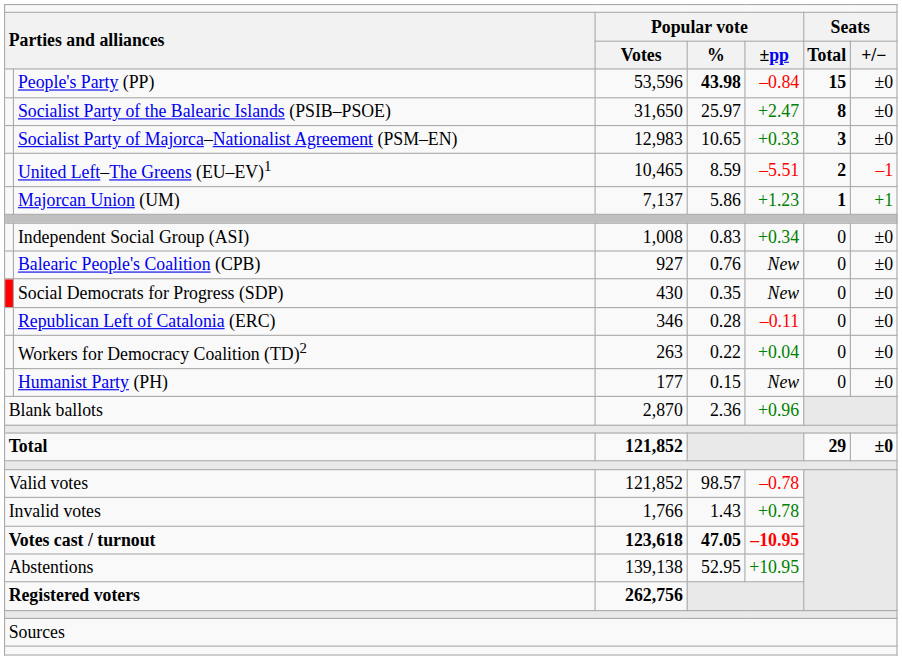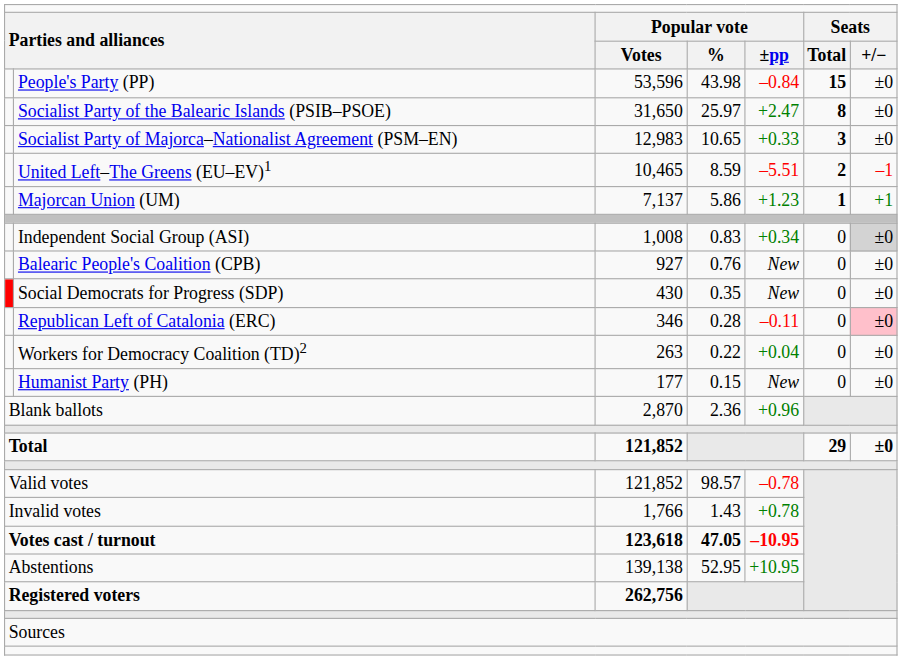 <table class="wikitable" style="text-align:right;">
 <tr>
 <td colspan="7"></td>
 </tr>
 <tr>
 <th style="text-align:left;" rowspan="2" colspan="2" width="525">Parties and alliances</th>
 <th colspan="3">Popular vote</th>
 <th colspan="2">Seats</th>
 </tr>
 <tr>
 <th width="75">Votes</th>
 <th width="45">%</th>
 <th width="45">±<a href='#'>pp</a></th>
 <th width="35">Total</th>
 <th width="35">+/−</th>
 </tr>
 <tr>
 <td width="1" style="color:inherit;background:"></td>
 <td align="left"><a href='#'>People's Party</a> (PP)</td>
 <td>53,596</td>
-<td><strong>43.98</strong></td>
+<td>43.98</td>
 <td style="color:red;">–0.84</td>
 <td><strong>15</strong></td>
 <td>±0</td>
 </tr>
 <tr>
 <td style="color:inherit;background:"></td>
 <td align="left"><a href='#'>Socialist Party of the Balearic Islands</a> (PSIB–PSOE)</td>
 <td>31,650</td>
 <td>25.97</td>
 <td style="color:green;">+2.47</td>
 <td><strong>8</strong></td>
 <td>±0</td>
 </tr>
 <tr>
 <td style="color:inherit;background:"></td>
 <td align="left"><a href='#'>Socialist Party of Majorca</a>–<a href='#'>Nationalist Agreement</a> (PSM–EN)</td>
 <td>12,983</td>
 <td>10.65</td>
 <td style="color:green;">+0.33</td>
 <td><strong>3</strong></td>
 <td>±0</td>
 </tr>
 <tr>
 <td style="color:inherit;background:"></td>
 <td align="left"><a href='#'>United Left</a>–<a href='#'>The Greens</a> (EU–EV)<sup>1</sup></td>
 <td>10,465</td>
 <td>8.59</td>
 <td style="color:red;">–5.51</td>
 <td><strong>2</strong></td>
 <td style="color:red;">–1</td>
 </tr>
 <tr>
 <td style="color:inherit;background:"></td>
 <td align="left"><a href='#'>Majorcan Union</a> (UM)</td>
 <td>7,137</td>
 <td>5.86</td>
 <td style="color:green;">+1.23</td>
 <td><strong>1</strong></td>
 <td style="color:green;">+1</td>
 </tr>
 <tr>
 <td colspan="7" bgcolor="#C0C0C0"></td>
 </tr>
 <tr>
 <td style="color:inherit;background:"></td>
 <td align="left">Independent Social Group (ASI)</td>
 <td>1,008</td>
 <td>0.83</td>
 <td style="color:green;">+0.34</td>
 <td>0</td>
-<td>±0</td>
+<td style="background: lightgrey;">±0</td>
 </tr>
 <tr>
 <td style="color:inherit;background:"></td>
 <td align="left"><a href='#'>Balearic People's Coalition</a> (CPB)</td>
 <td>927</td>
 <td>0.76</td>
 <td><em>New</em></td>
 <td>0</td>
 <td>±0</td>
 </tr>
 <tr>
 <td bgcolor="red"></td>
 <td align="left">Social Democrats for Progress (SDP)</td>
 <td>430</td>
 <td>0.35</td>
 <td><em>New</em></td>
 <td>0</td>
 <td>±0</td>
 </tr>
 <tr>
 <td style="color:inherit;background:"></td>
 <td align="left"><a href='#'>Republican Left of Catalonia</a> (ERC)</td>
 <td>346</td>
 <td>0.28</td>
 <td style="color:red;">–0.11</td>
 <td>0</td>
-<td>±0</td>
+<td style="background: pink;">±0</td>
 </tr>
 <tr>
 <td style="color:inherit;background:"></td>
 <td align="left">Workers for Democracy Coalition (TD)<sup>2</sup></td>
 <td>263</td>
 <td>0.22</td>
 <td style="color:green;">+0.04</td>
 <td>0</td>
 <td>±0</td>
 </tr>
 <tr>
 <td style="color:inherit;background:"></td>
 <td align="left"><a href='#'>Humanist Party</a> (PH)</td>
 <td>177</td>
 <td>0.15</td>
 <td><em>New</em></td>
 <td>0</td>
 <td>±0</td>
 </tr>
 <tr>
 <td align="left" colspan="2">Blank ballots</td>
 <td>2,870</td>
 <td>2.36</td>
 <td style="color:green;">+0.96</td>
 <td bgcolor="#E9E9E9" colspan="2"></td>
 </tr>
 <tr>
 <td colspan="7" bgcolor="#E9E9E9"></td>
 </tr>
 <tr style="font-weight:bold;">
 <td align="left" colspan="2">Total</td>
 <td>121,852</td>
 <td bgcolor="#E9E9E9" colspan="2"></td>
 <td>29</td>
 <td>±0</td>
 </tr>
 <tr>
 <td colspan="7" bgcolor="#E9E9E9"></td>
 </tr>
 <tr>
 <td align="left" colspan="2">Valid votes</td>
 <td>121,852</td>
 <td>98.57</td>
 <td style="color:red;">–0.78</td>
 <td bgcolor="#E9E9E9" colspan="2" rowspan="5"></td>
 </tr>
 <tr>
 <td align="left" colspan="2">Invalid votes</td>
 <td>1,766</td>
 <td>1.43</td>
 <td style="color:green;">+0.78</td>
 </tr>
 <tr style="font-weight:bold;">
 <td align="left" colspan="2">Votes cast / turnout</td>
 <td>123,618</td>
 <td>47.05</td>
 <td style="color:red;">–10.95</td>
 </tr>
 <tr>
 <td align="left" colspan="2">Abstentions</td>
 <td>139,138</td>
 <td>52.95</td>
 <td style="color:green;">+10.95</td>
 </tr>
 <tr style="font-weight:bold;">
 <td align="left" colspan="2">Registered voters</td>
 <td>262,756</td>
 <td bgcolor="#E9E9E9" colspan="2"></td>
 </tr>
 <tr>
 <td colspan="7" bgcolor="#E9E9E9"></td>
 </tr>
 <tr>
 <td align="left" colspan="7">Sources</td>
 </tr>
 <tr>
 <td colspan="7" style="text-align:left; max-width:790px;"></td>
 </tr>
 </table>
